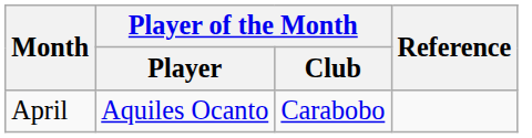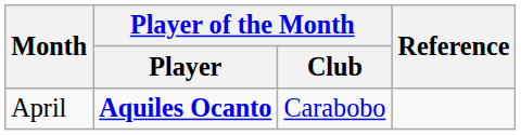 <table class="wikitable">
 <tr>
 <th rowspan="2">Month</th>
 <th colspan="2"><a href='#'>Player of the Month</a></th>
 <th rowspan="2">Reference</th>
 </tr>
 <tr>
 <th>Player</th>
 <th>Club</th>
 </tr>
 <tr>
 <td>April</td>
-<td> <a href='#'>Aquiles Ocanto</a></td>
+<td><strong> <a href='#'>Aquiles Ocanto</a></strong></td>
 <td><a href='#'>Carabobo</a></td>
 <td align=center></td>
 </tr>
 </table>
